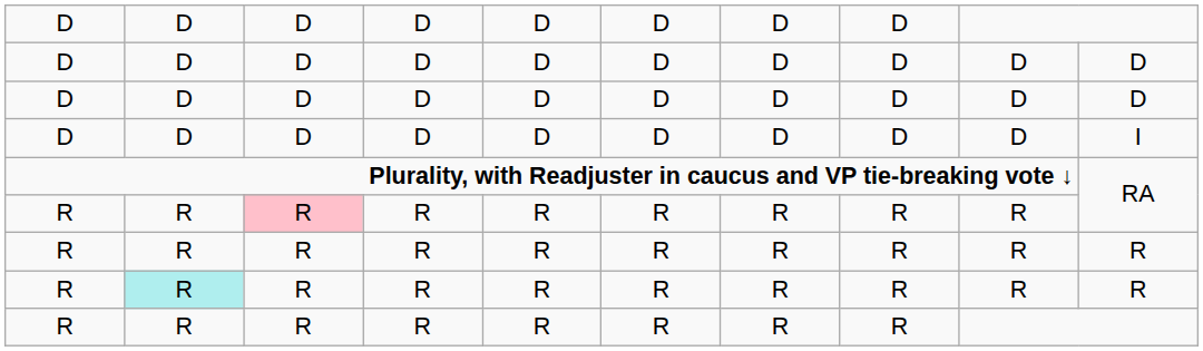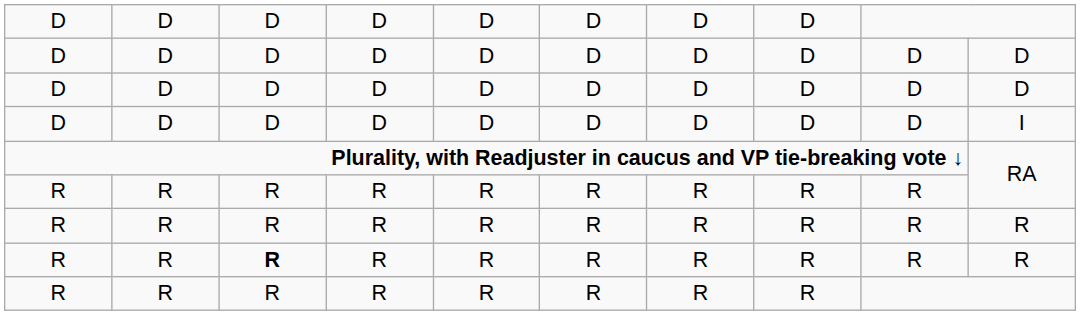 <table class="wikitable" style="text-align:center; width:800px">
 <tr>
 <td>D</td>
 <td>D</td>
 <td>D</td>
 <td>D</td>
 <td>D</td>
 <td>D</td>
 <td>D</td>
 <td>D</td>
 <td colspan=2></td>
 </tr>
 <tr>
 <td width=50px >D</td>
 <td width=50px >D</td>
 <td width=50px >D</td>
 <td width=50px >D</td>
 <td width=50px >D</td>
 <td width=50px >D</td>
 <td width=50px >D</td>
 <td width=50px >D</td>
 <td width=50px >D</td>
 <td width=50px >D</td>
 </tr>
 <tr>
 <td>D<br></td>
 <td>D<br></td>
 <td>D<br></td>
 <td>D<br></td>
 <td>D<br></td>
 <td>D</td>
 <td>D</td>
 <td>D</td>
 <td>D</td>
 <td>D</td>
 </tr>
 <tr>
 <td>D<br></td>
 <td>D<br></td>
 <td>D<br></td>
 <td>D<br></td>
 <td>D<br></td>
 <td>D<br></td>
 <td>D<br></td>
 <td>D<br></td>
 <td>D<br></td>
 <td>I<br></td>
 </tr>
 <tr>
 <td colspan="9" style="text-align:right"><strong>Plurality, with Readjuster in caucus and VP tie-breaking vote ↓</strong></td>
 <td rowspan=2 ><span>RA</span></td>
 </tr>
 <tr>
 <td>R<br></td>
 <td>R<br></td>
-<td style="background: pink;">R<br></td>
+<td>R<br></td>
 <td>R<br></td>
 <td>R<br></td>
 <td>R<br></td>
 <td>R<br></td>
 <td>R<br></td>
 <td>R<br></td>
 </tr>
 <tr>
 <td>R<br></td>
 <td>R<br></td>
 <td>R</td>
 <td>R</td>
 <td>R</td>
 <td>R</td>
 <td>R</td>
 <td>R</td>
 <td>R</td>
 <td>R</td>
 </tr>
 <tr>
 <td>R</td>
-<td style="background: paleturquoise;">R</td>
 <td>R</td>
+<td><strong>R</strong></td>
 <td>R</td>
 <td>R</td>
 <td>R</td>
 <td>R</td>
 <td>R</td>
 <td>R</td>
 <td>R</td>
 </tr>
 <tr>
 <td>R</td>
 <td>R</td>
 <td>R</td>
 <td>R</td>
 <td>R</td>
 <td>R</td>
 <td>R</td>
 <td>R</td>
 <td colspan=2></td>
 </tr>
 </table>
